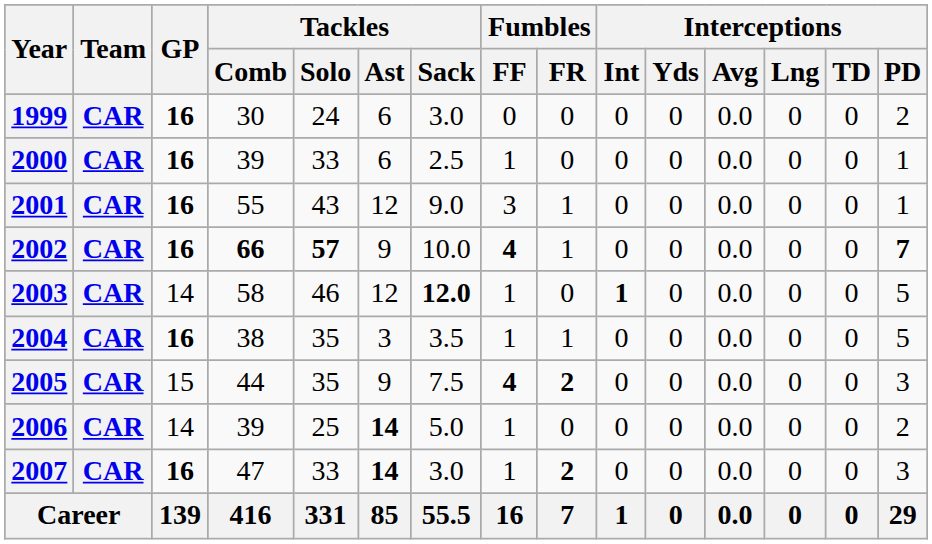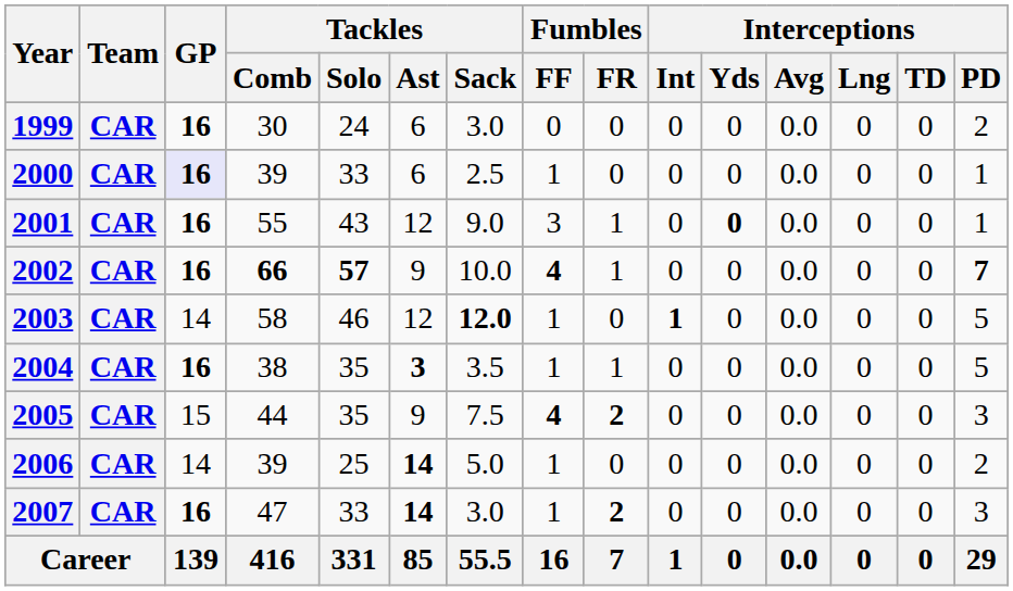 <table class="wikitable" style="text-align:center">
 <tr>
 <th rowspan="2">Year</th>
 <th rowspan="2">Team</th>
 <th rowspan="2">GP</th>
 <th colspan="4">Tackles</th>
 <th colspan="2">Fumbles</th>
 <th colspan="6">Interceptions</th>
 </tr>
 <tr>
 <th>Comb</th>
 <th>Solo</th>
 <th>Ast</th>
 <th>Sack</th>
 <th>FF</th>
 <th>FR</th>
 <th>Int</th>
 <th>Yds</th>
 <th>Avg</th>
 <th>Lng</th>
 <th>TD</th>
 <th>PD</th>
 </tr>
 <tr>
 <th><a href='#'>1999</a></th>
 <th><a href='#'>CAR</a></th>
 <td><strong>16</strong></td>
 <td>30</td>
 <td>24</td>
 <td>6</td>
 <td>3.0</td>
 <td>0</td>
 <td>0</td>
 <td>0</td>
 <td>0</td>
 <td>0.0</td>
 <td>0</td>
 <td>0</td>
 <td>2</td>
 </tr>
 <tr>
 <th><a href='#'>2000</a></th>
 <th><a href='#'>CAR</a></th>
-<td><strong>16</strong></td>
+<td style="background: lavender;"><strong>16</strong></td>
 <td>39</td>
 <td>33</td>
 <td>6</td>
 <td>2.5</td>
 <td>1</td>
 <td>0</td>
 <td>0</td>
 <td>0</td>
 <td>0.0</td>
 <td>0</td>
 <td>0</td>
 <td>1</td>
 </tr>
 <tr>
 <th><a href='#'>2001</a></th>
 <th><a href='#'>CAR</a></th>
 <td><strong>16</strong></td>
 <td>55</td>
 <td>43</td>
 <td>12</td>
 <td>9.0</td>
 <td>3</td>
 <td>1</td>
 <td>0</td>
-<td>0</td>
+<td><strong>0</strong></td>
 <td>0.0</td>
 <td>0</td>
 <td>0</td>
 <td>1</td>
 </tr>
 <tr>
 <th><a href='#'>2002</a></th>
 <th><a href='#'>CAR</a></th>
 <td><strong>16</strong></td>
 <td><strong>66</strong></td>
 <td><strong>57</strong></td>
 <td>9</td>
 <td>10.0</td>
 <td><strong>4</strong></td>
 <td>1</td>
 <td>0</td>
 <td>0</td>
 <td>0.0</td>
 <td>0</td>
 <td>0</td>
 <td><strong>7</strong></td>
 </tr>
 <tr>
 <th><a href='#'>2003</a></th>
 <th><a href='#'>CAR</a></th>
 <td>14</td>
 <td>58</td>
 <td>46</td>
 <td>12</td>
 <td><strong>12.0</strong></td>
 <td>1</td>
 <td>0</td>
 <td><strong>1</strong></td>
 <td>0</td>
 <td>0.0</td>
 <td>0</td>
 <td>0</td>
 <td>5</td>
 </tr>
 <tr>
 <th><a href='#'>2004</a></th>
 <th><a href='#'>CAR</a></th>
 <td><strong>16</strong></td>
 <td>38</td>
 <td>35</td>
-<td>3</td>
+<td><strong>3</strong></td>
 <td>3.5</td>
 <td>1</td>
 <td>1</td>
 <td>0</td>
 <td>0</td>
 <td>0.0</td>
 <td>0</td>
 <td>0</td>
 <td>5</td>
 </tr>
 <tr>
 <th><a href='#'>2005</a></th>
 <th><a href='#'>CAR</a></th>
 <td>15</td>
 <td>44</td>
 <td>35</td>
 <td>9</td>
 <td>7.5</td>
 <td><strong>4</strong></td>
 <td><strong>2</strong></td>
 <td>0</td>
 <td>0</td>
 <td>0.0</td>
 <td>0</td>
 <td>0</td>
 <td>3</td>
 </tr>
 <tr>
 <th><a href='#'>2006</a></th>
 <th><a href='#'>CAR</a></th>
 <td>14</td>
 <td>39</td>
 <td>25</td>
 <td><strong>14</strong></td>
 <td>5.0</td>
 <td>1</td>
 <td>0</td>
 <td>0</td>
 <td>0</td>
 <td>0.0</td>
 <td>0</td>
 <td>0</td>
 <td>2</td>
 </tr>
 <tr>
 <th><a href='#'>2007</a></th>
 <th><a href='#'>CAR</a></th>
 <td><strong>16</strong></td>
 <td>47</td>
 <td>33</td>
 <td><strong>14</strong></td>
 <td>3.0</td>
 <td>1</td>
 <td><strong>2</strong></td>
 <td>0</td>
 <td>0</td>
 <td>0.0</td>
 <td>0</td>
 <td>0</td>
 <td>3</td>
 </tr>
 <tr>
 <th colspan="2">Career</th>
 <th>139</th>
 <th>416</th>
 <th>331</th>
 <th>85</th>
 <th>55.5</th>
 <th>16</th>
 <th>7</th>
 <th>1</th>
 <th>0</th>
 <th>0.0</th>
 <th>0</th>
 <th>0</th>
 <th>29</th>
 </tr>
 </table>
